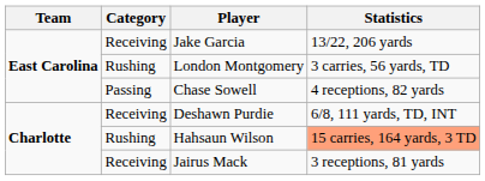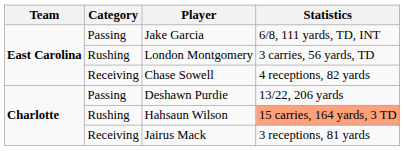 <table class="wikitable" style="float: right;">
 <tr>
 <th>Team</th>
 <th>Category</th>
 <th>Player</th>
 <th>Statistics</th>
 </tr>
 <tr>
 <td rowspan=3><strong>East Carolina</strong></td>
-<td>Receiving</td>
+<td>Passing</td>
 <td>Jake Garcia</td>
-<td>13/22, 206 yards</td>
+<td>6/8, 111 yards, TD, INT</td>
 </tr>
 <tr>
 <td>Rushing</td>
 <td>London Montgomery</td>
 <td>3 carries, 56 yards, TD</td>
 </tr>
 <tr>
-<td>Passing</td>
+<td>Receiving</td>
 <td>Chase Sowell</td>
 <td>4 receptions, 82 yards</td>
 </tr>
 <tr>
 <td rowspan=3><strong>Charlotte</strong></td>
-<td>Receiving</td>
+<td>Passing</td>
 <td>Deshawn Purdie</td>
-<td>6/8, 111 yards, TD, INT</td>
+<td>13/22, 206 yards</td>
 </tr>
 <tr>
 <td>Rushing</td>
 <td>Hahsaun Wilson</td>
 <td style="background: lightsalmon;">15 carries, 164 yards, 3 TD</td>
 </tr>
 <tr>
 <td>Receiving</td>
 <td>Jairus Mack</td>
 <td>3 receptions, 81 yards</td>
 </tr>
 </table>
